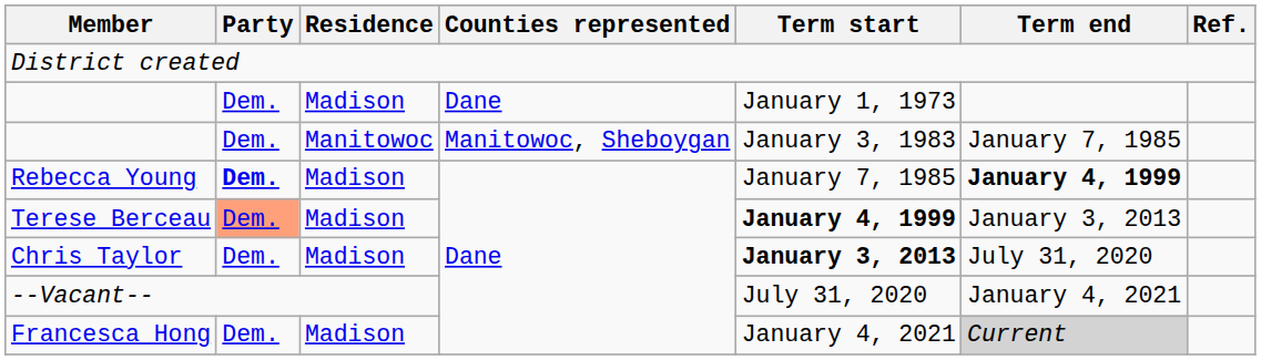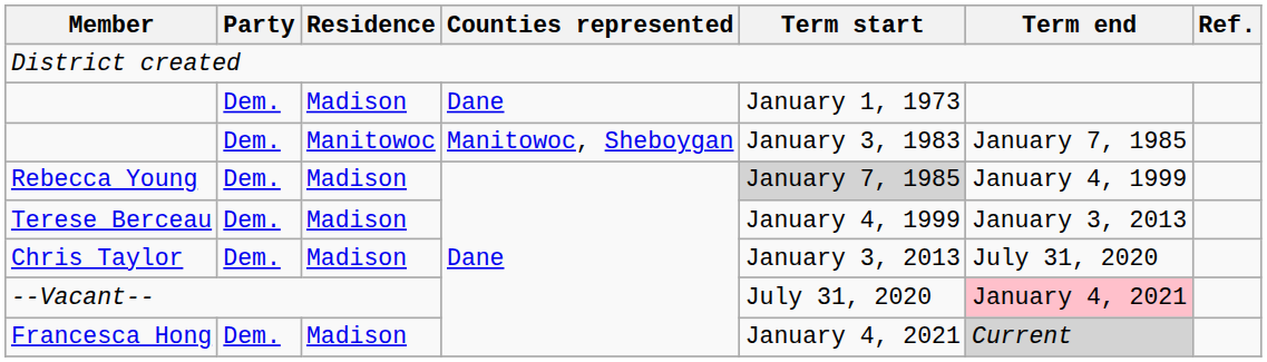 <table class="wikitable">
 <tr>
 <th>Member</th>
 <th>Party</th>
 <th>Residence</th>
 <th>Counties represented</th>
 <th>Term start</th>
 <th>Term end</th>
 <th>Ref.</th>
 </tr>
 <tr>
 <td colspan="7"><em>District created</em></td>
 </tr>
 <tr>
 <td></td>
 <td><a href='#'>Dem.</a></td>
 <td><a href='#'>Madison</a></td>
 <td><a href='#'>Dane</a></td>
 <td>January 1, 1973</td>
 <td></td>
 <td></td>
 </tr>
 <tr>
 <td></td>
 <td><a href='#'>Dem.</a></td>
 <td><a href='#'>Manitowoc</a></td>
 <td><a href='#'>Manitowoc</a>, <a href='#'>Sheboygan</a></td>
 <td>January 3, 1983</td>
 <td>January 7, 1985</td>
 <td></td>
 </tr>
 <tr>
 <td><a href='#'>Rebecca Young</a></td>
-<td><strong><a href='#'>Dem.</a></strong></td>
+<td><a href='#'>Dem.</a></td>
 <td><a href='#'>Madison</a></td>
 <td rowspan="5"><a href='#'>Dane</a></td>
-<td>January 7, 1985</td>
-<td><strong>January 4, 1999</strong></td>
+<td style="background: lightgrey;">January 7, 1985</td>
+<td>January 4, 1999</td>
 <td></td>
 </tr>
 <tr>
 <td><a href='#'>Terese Berceau</a></td>
-<td style="background: lightsalmon;"><a href='#'>Dem.</a></td>
+<td><a href='#'>Dem.</a></td>
 <td><a href='#'>Madison</a></td>
-<td><strong>January 4, 1999</strong></td>
+<td>January 4, 1999</td>
 <td>January 3, 2013</td>
 <td></td>
 </tr>
 <tr>
 <td><a href='#'>Chris Taylor</a></td>
 <td><a href='#'>Dem.</a></td>
 <td><a href='#'>Madison</a></td>
-<td><strong>January 3, 2013</strong></td>
+<td>January 3, 2013</td>
 <td>July 31, 2020</td>
 <td></td>
 </tr>
 <tr>
 <td colspan="3"><em>--Vacant--</em></td>
 <td>July 31, 2020</td>
-<td>January 4, 2021</td>
+<td style="background: pink;">January 4, 2021</td>
 <td></td>
 </tr>
 <tr>
 <td><a href='#'>Francesca Hong</a></td>
 <td><a href='#'>Dem.</a></td>
 <td><a href='#'>Madison</a></td>
 <td>January 4, 2021</td>
 <td style="background: lightgrey;"><em>Current</em></td>
 <td></td>
 </tr>
 </table>
